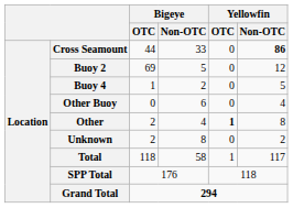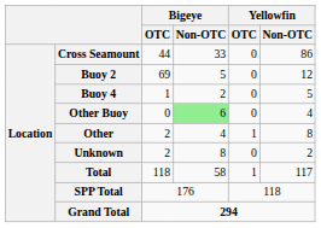 <table class="wikitable" style="font-size:88%">
 <tr>
 <th colspan=2 rowspan=2></th>
 <th colspan=2>Bigeye</th>
 <th colspan=2>Yellowfin</th>
 </tr>
 <tr>
 <th>OTC</th>
 <th>Non-OTC</th>
 <th>OTC</th>
 <th>Non-OTC</th>
 </tr>
 <tr>
 <th rowspan=9>Location</th>
 <th>Cross Seamount</th>
 <td ALIGN=RIGHT>44</td>
 <td ALIGN=RIGHT>33</td>
 <td ALIGN=RIGHT>0</td>
-<td ALIGN=RIGHT><strong>86</strong></td>
+<td ALIGN=RIGHT>86</td>
 </tr>
 <tr>
 <th>Buoy 2</th>
 <td ALIGN=RIGHT>69</td>
 <td ALIGN=RIGHT>5</td>
 <td ALIGN=RIGHT>0</td>
 <td ALIGN=RIGHT>12</td>
 </tr>
 <tr>
 <th>Buoy 4</th>
 <td ALIGN=RIGHT>1</td>
 <td ALIGN=RIGHT>2</td>
 <td ALIGN=RIGHT>0</td>
 <td ALIGN=RIGHT>5</td>
 </tr>
 <tr>
 <th>Other Buoy</th>
 <td ALIGN=RIGHT>0</td>
-<td ALIGN=RIGHT>6</td>
+<td ALIGN=RIGHT style="background: lightgreen;">6</td>
 <td ALIGN=RIGHT>0</td>
 <td ALIGN=RIGHT>4</td>
 </tr>
 <tr>
 <th>Other</th>
 <td ALIGN=RIGHT>2</td>
 <td ALIGN=RIGHT>4</td>
-<td ALIGN=RIGHT><strong>1</strong></td>
+<td ALIGN=RIGHT>1</td>
 <td ALIGN=RIGHT>8</td>
 </tr>
 <tr>
 <th>Unknown</th>
 <td ALIGN=RIGHT>2</td>
 <td ALIGN=RIGHT>8</td>
 <td ALIGN=RIGHT>0</td>
 <td ALIGN=RIGHT>2</td>
 </tr>
 <tr>
 <th ALIGN=RIGHT>Total</th>
 <td ALIGN=RIGHT>118</td>
 <td ALIGN=RIGHT>58</td>
 <td ALIGN=RIGHT>1</td>
 <td ALIGN=RIGHT>117</td>
 </tr>
 <tr>
 <th ALIGN=RIGHT>SPP Total</th>
 <td colspan=2 ALIGN=CENTER>176</td>
 <td colspan=2 ALIGN=CENTER>118</td>
 </tr>
 <tr>
 <th ALIGN=RIGHT>Grand Total</th>
 <td colspan=4 ALIGN=CENTER><strong>294</strong></td>
 </tr>
 </table>
